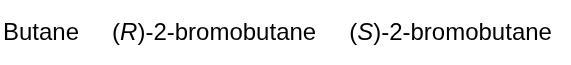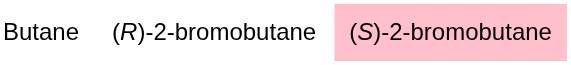 <table cellpadding="10">
 <tr>
 <td></td>
 <td></td>
 <td></td>
 </tr>
 <tr>
 <td align="center">Butane</td>
 <td>(<em>R</em>)-2-bromobutane</td>
-<td>(<em>S</em>)-2-bromobutane</td>
+<td style="background: pink;">(<em>S</em>)-2-bromobutane</td>
 </tr>
 </table>
